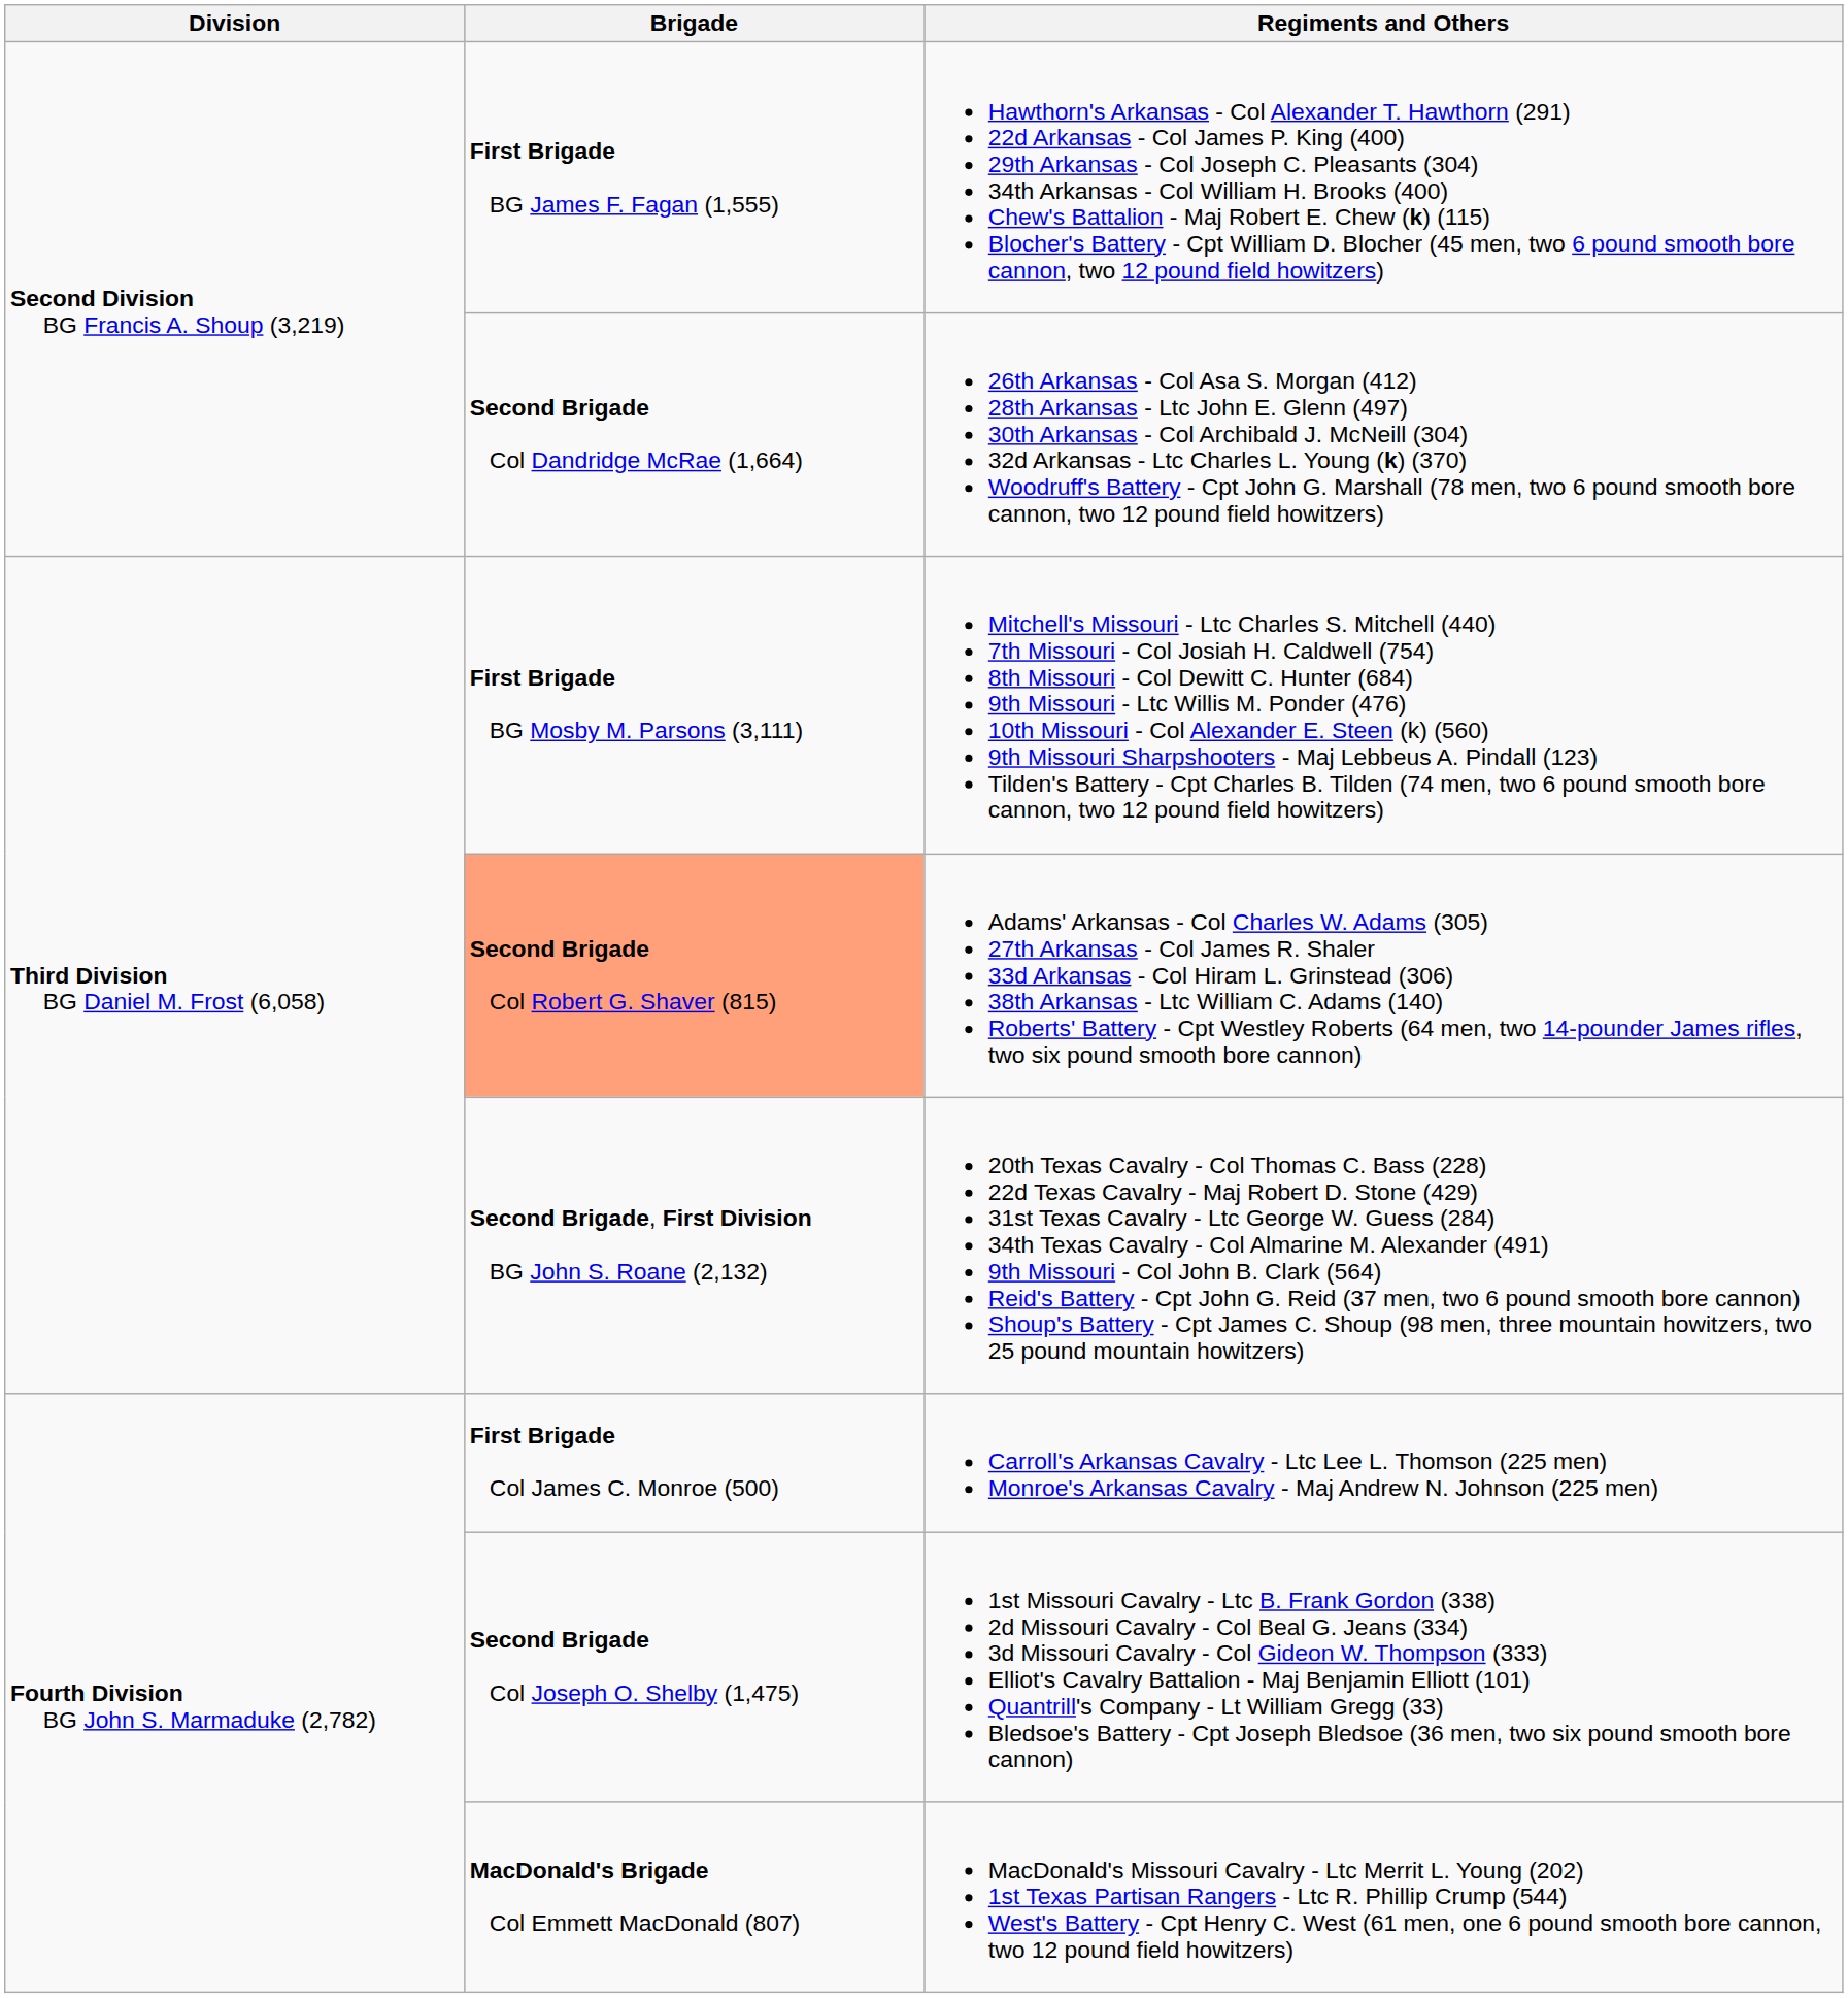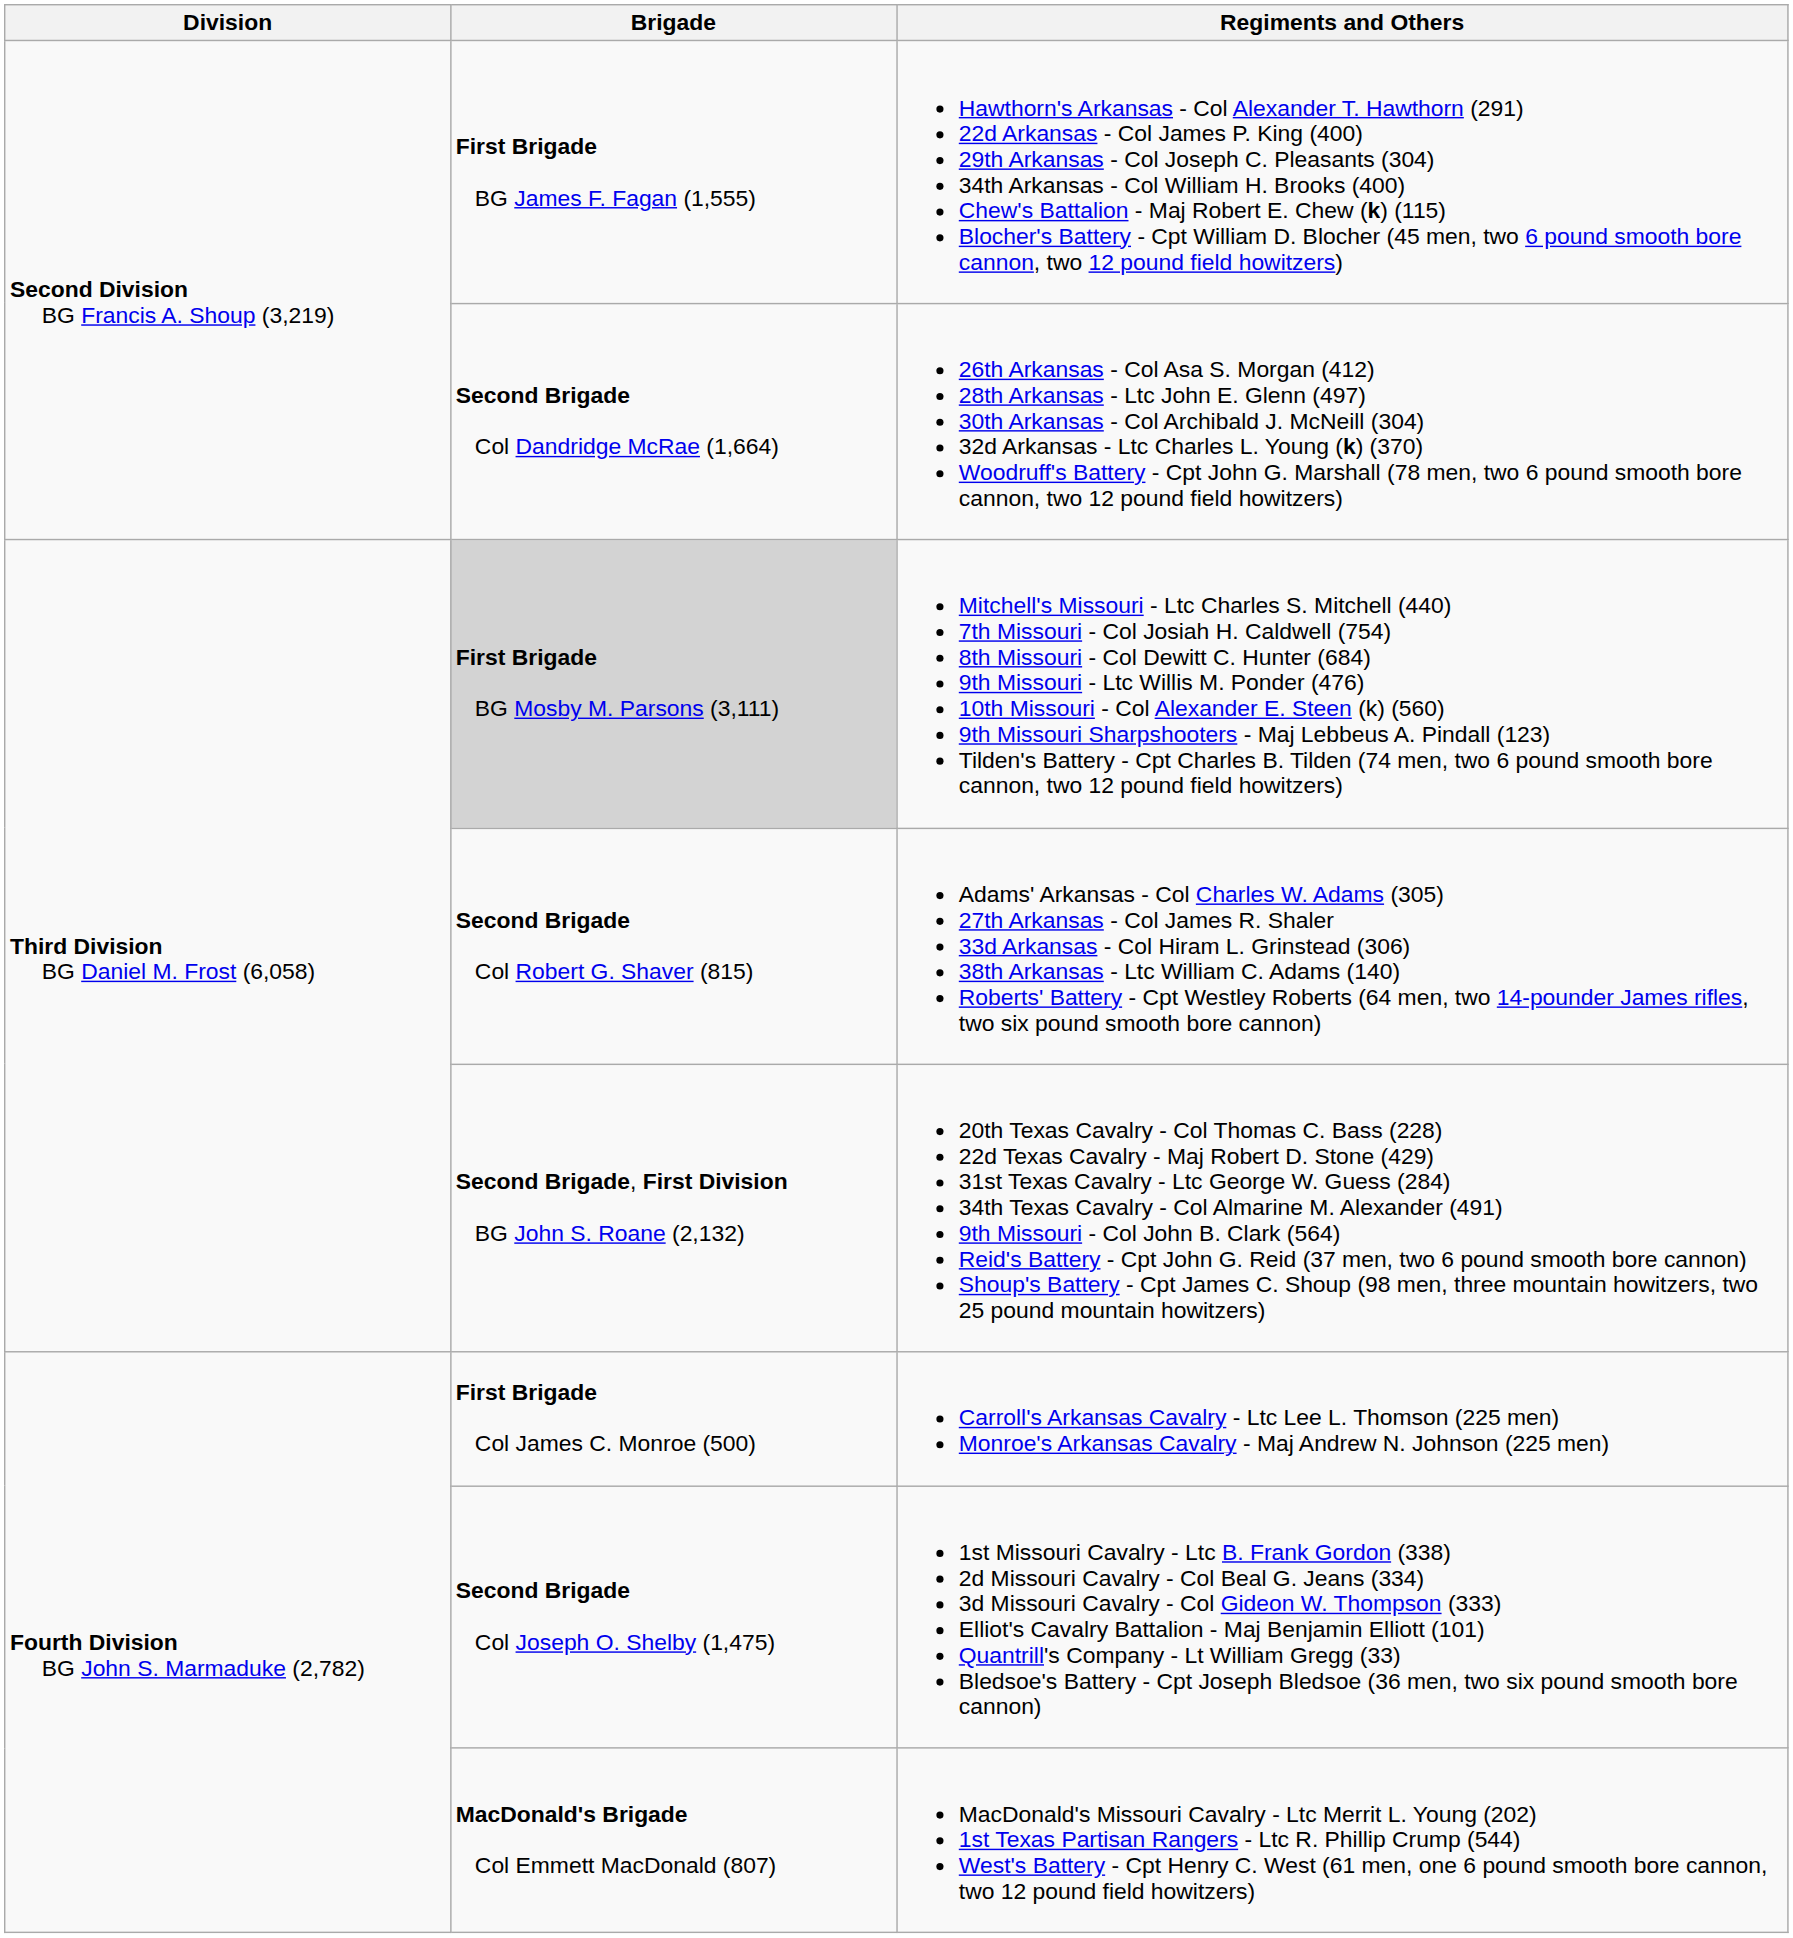 <table class="wikitable">
 <tr>
 <th width=25%>Division</th>
 <th width=25%>Brigade</th>
 <th>Regiments and Others</th>
 </tr>
 <tr>
 <td rowspan=2><br><strong>Second Division</strong> <br>     BG <a href='#'>Francis A. Shoup</a> (3,219)</td>
 <td><strong>First Brigade</strong><br><br>   BG <a href='#'>James F. Fagan</a> (1,555)</td>
 <td><br><ul><li><a href='#'>Hawthorn's Arkansas</a> - Col <a href='#'>Alexander T. Hawthorn</a> (291)</li><li><a href='#'>22d Arkansas</a> - Col James P. King (400)</li><li><a href='#'>29th Arkansas</a> - Col Joseph C. Pleasants (304)</li><li>34th Arkansas - Col William H. Brooks (400)</li><li><a href='#'>Chew's Battalion</a> - Maj Robert E. Chew (<strong>k</strong>) (115)</li><li><a href='#'>Blocher's Battery</a> - Cpt William D. Blocher (45 men, two <a href='#'>6 pound smooth bore cannon</a>, two <a href='#'>12 pound field howitzers</a>)</li></ul></td>
 </tr>
 <tr>
 <td><strong>Second Brigade</strong><br><br>   Col <a href='#'>Dandridge McRae</a> (1,664)</td>
 <td><br><ul><li><a href='#'>26th Arkansas</a> - Col Asa S. Morgan (412)</li><li><a href='#'>28th Arkansas</a> - Ltc John E. Glenn (497)</li><li><a href='#'>30th Arkansas</a> - Col Archibald J. McNeill (304)</li><li>32d Arkansas - Ltc Charles L. Young (<strong>k</strong>) (370)</li><li><a href='#'>Woodruff's Battery</a> - Cpt John G. Marshall (78 men, two 6 pound smooth bore cannon, two 12 pound field howitzers)</li></ul></td>
 </tr>
 <tr>
 <td rowspan=3><br><strong>Third Division</strong> <br>     BG <a href='#'>Daniel M. Frost</a> (6,058)</td>
-<td><strong>First Brigade</strong><br><br>   BG <a href='#'>Mosby M. Parsons</a> (3,111)</td>
+<td style="background: lightgrey;"><strong>First Brigade</strong><br><br>   BG <a href='#'>Mosby M. Parsons</a> (3,111)</td>
 <td><br><ul><li><a href='#'>Mitchell's Missouri</a> - Ltc Charles S. Mitchell (440)</li><li><a href='#'>7th Missouri</a> - Col Josiah H. Caldwell (754)</li><li><a href='#'>8th Missouri</a> - Col Dewitt C. Hunter (684)</li><li><a href='#'>9th Missouri</a> - Ltc Willis M. Ponder (476)</li><li><a href='#'>10th Missouri</a> - Col <a href='#'>Alexander E. Steen</a> (k) (560)</li><li><a href='#'>9th Missouri Sharpshooters</a> - Maj Lebbeus A. Pindall (123)</li><li>Tilden's Battery - Cpt Charles B. Tilden (74 men, two 6 pound smooth bore cannon, two 12 pound field howitzers)</li></ul></td>
 </tr>
 <tr>
-<td style="background: lightsalmon;"><strong>Second Brigade</strong><br><br>   Col <a href='#'>Robert G. Shaver</a> (815)</td>
+<td><strong>Second Brigade</strong><br><br>   Col <a href='#'>Robert G. Shaver</a> (815)</td>
 <td><br><ul><li>Adams' Arkansas - Col <a href='#'>Charles W. Adams</a> (305)</li><li><a href='#'>27th Arkansas</a> - Col James R. Shaler</li><li><a href='#'>33d Arkansas</a> - Col Hiram L. Grinstead (306)</li><li><a href='#'>38th Arkansas</a> - Ltc William C. Adams (140)</li><li><a href='#'>Roberts' Battery</a> - Cpt Westley Roberts (64 men, two <a href='#'>14-pounder James rifles</a>, two six pound smooth bore cannon)</li></ul></td>
 </tr>
 <tr>
 <td><strong>Second Brigade</strong>, <strong>First Division</strong><br><br>   BG <a href='#'>John S. Roane</a> (2,132)</td>
 <td><br><ul><li>20th Texas Cavalry - Col Thomas C. Bass (228)</li><li>22d Texas Cavalry - Maj Robert D. Stone (429)</li><li>31st Texas Cavalry - Ltc George W. Guess (284)</li><li>34th Texas Cavalry - Col Almarine M. Alexander (491)</li><li><a href='#'>9th Missouri</a> - Col John B. Clark (564)</li><li><a href='#'>Reid's Battery</a> - Cpt John G. Reid (37 men, two 6 pound smooth bore cannon)</li><li><a href='#'>Shoup's Battery</a> - Cpt James C. Shoup (98 men, three mountain howitzers, two 25 pound mountain howitzers)</li></ul></td>
 </tr>
 <tr>
 <td rowspan=3><br><strong>Fourth Division</strong> <br>     BG <a href='#'>John S. Marmaduke</a> (2,782)</td>
 <td><strong>First Brigade</strong><br><br>   Col James C. Monroe (500)</td>
 <td><br><ul><li><a href='#'>Carroll's Arkansas Cavalry</a> - Ltc Lee L. Thomson (225 men)</li><li><a href='#'>Monroe's Arkansas Cavalry</a> - Maj Andrew N. Johnson (225 men)</li></ul></td>
 </tr>
 <tr>
 <td><strong>Second Brigade</strong><br><br>   Col <a href='#'>Joseph O. Shelby</a> (1,475)</td>
 <td><br><ul><li>1st Missouri Cavalry - Ltc <a href='#'>B. Frank Gordon</a> (338)</li><li>2d Missouri Cavalry - Col Beal G. Jeans (334)</li><li>3d Missouri Cavalry - Col <a href='#'>Gideon W. Thompson</a> (333)</li><li>Elliot's Cavalry Battalion - Maj Benjamin Elliott (101)</li><li><a href='#'>Quantrill</a>'s Company - Lt William Gregg (33)</li><li>Bledsoe's Battery - Cpt Joseph Bledsoe (36 men, two six pound smooth bore cannon)</li></ul></td>
 </tr>
 <tr>
 <td><strong>MacDonald's Brigade</strong><br><br>   Col Emmett MacDonald (807)</td>
 <td><br><ul><li>MacDonald's Missouri Cavalry - Ltc Merrit L. Young (202)</li><li><a href='#'>1st Texas Partisan Rangers</a> - Ltc R. Phillip Crump (544)</li><li><a href='#'>West's Battery</a> - Cpt Henry C. West (61 men, one 6 pound smooth bore cannon, two 12 pound field howitzers)</li></ul></td>
 </tr>
 </table>
